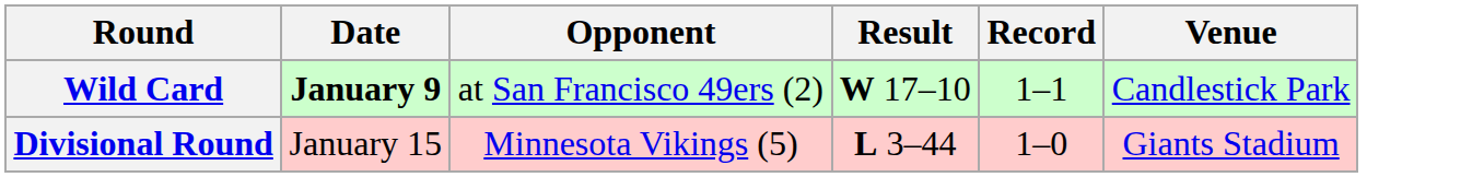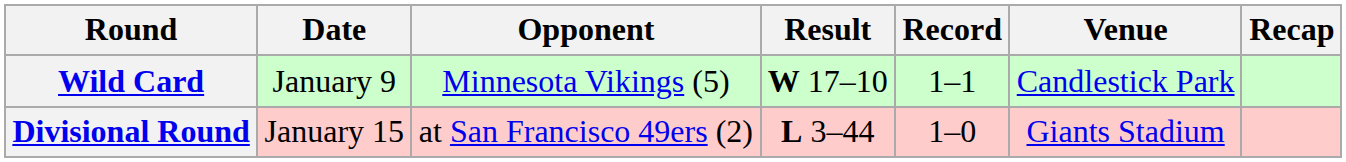 <table class="wikitable" style="text-align:center">
 <tr>
 <th>Round</th>
 <th>Date</th>
 <th>Opponent</th>
 <th>Result</th>
 <th>Record</th>
 <th>Venue</th>
+<th>Recap</th>
 </tr>
 <tr style="background:#cfc">
 <th><a href='#'>Wild Card</a></th>
-<td><strong>January 9</strong></td>
-<td>at <a href='#'>San Francisco 49ers</a> (2)</td>
+<td>January 9</td>
+<td><a href='#'>Minnesota Vikings</a> (5)</td>
 <td><strong>W</strong> 17–10</td>
 <td>1–1</td>
 <td><a href='#'>Candlestick Park</a></td>
+<td></td>
 </tr>
 <tr style="background:#fcc">
 <th><a href='#'>Divisional Round</a></th>
 <td>January 15</td>
-<td><a href='#'>Minnesota Vikings</a> (5)</td>
+<td>at <a href='#'>San Francisco 49ers</a> (2)</td>
 <td><strong>L</strong> 3–44</td>
 <td>1–0</td>
 <td><a href='#'>Giants Stadium</a></td>
+<td></td>
 </tr>
 </table>
